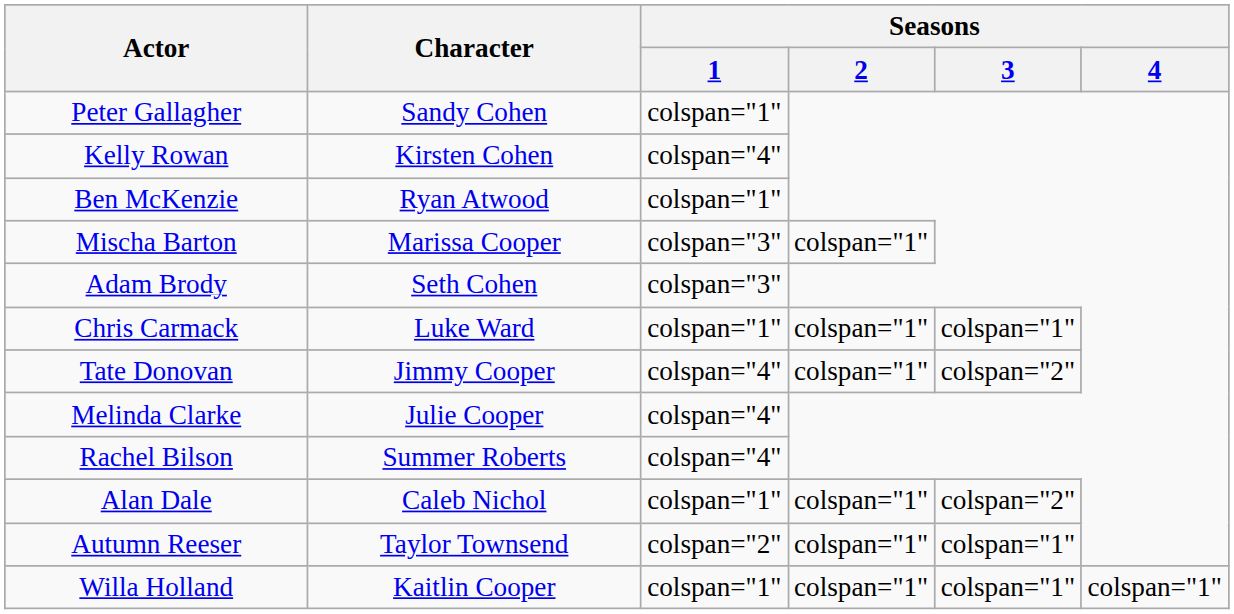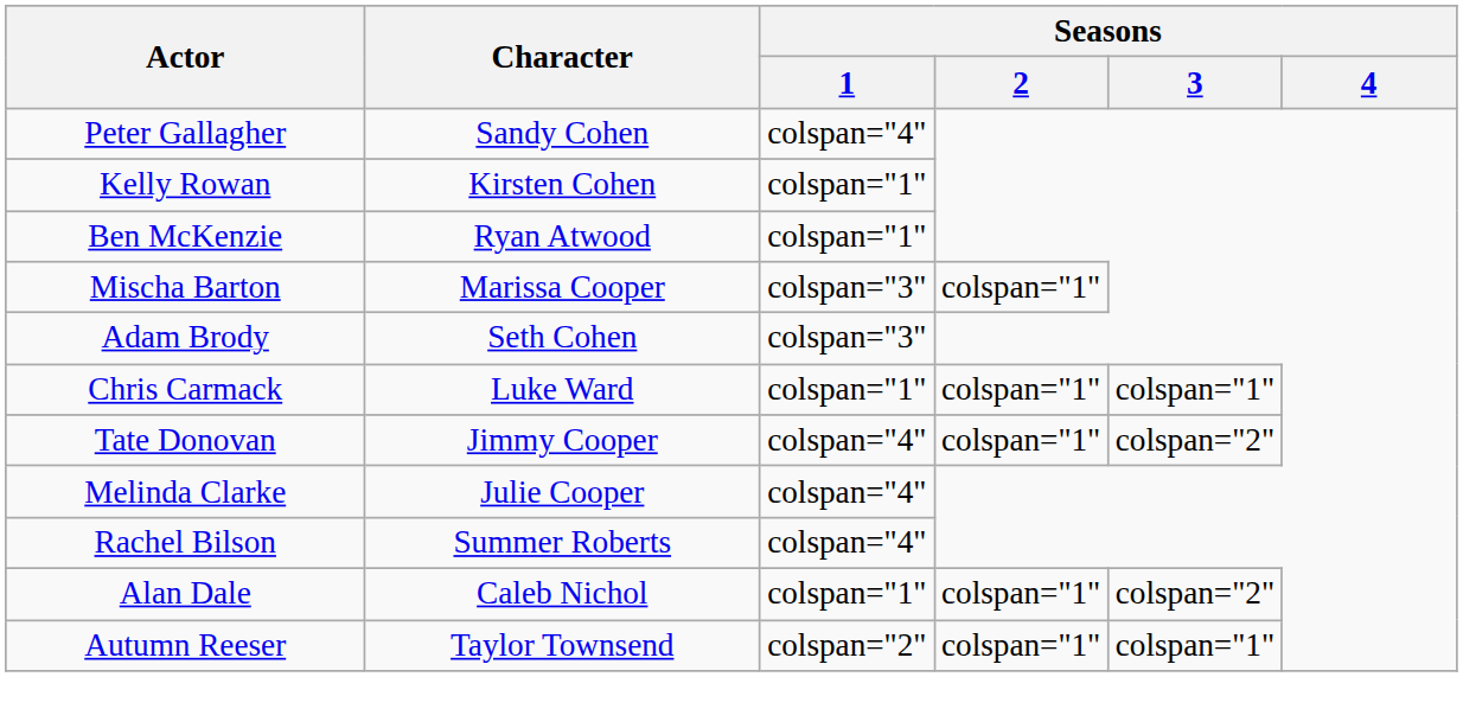 <table class="wikitable" style="text-align:center; width:auto">
 <tr>
 <th scope="col" rowspan="2">Actor</th>
 <th scope="col" rowspan="2">Character</th>
 <th scope="col" colspan="4">Seasons</th>
 </tr>
 <tr>
 <th scope="col" style="width:12%;"><a href='#'>1</a></th>
 <th scope="col" style="width:12%;"><a href='#'>2</a></th>
 <th scope="col" style="width:12%;"><a href='#'>3</a></th>
 <th scope="col" style="width:12%;"><a href='#'>4</a></th>
 </tr>
 <tr>
 <td style="text-align:center;"><a href='#'>Peter Gallagher</a></td>
 <td style="text-align:center;"><a href='#'>Sandy Cohen</a></td>
-<td>colspan="1" </td>
+<td>colspan="4" </td>
 </tr>
 <tr>
 <td style="text-align:center;"><a href='#'>Kelly Rowan</a></td>
 <td style="text-align:center;"><a href='#'>Kirsten Cohen</a></td>
-<td>colspan="4" </td>
+<td>colspan="1" </td>
 </tr>
 <tr>
 <td style="text-align:center;"><a href='#'>Ben McKenzie</a></td>
 <td style="text-align:center;"><a href='#'>Ryan Atwood</a></td>
 <td>colspan="1" </td>
 </tr>
 <tr>
 <td style="text-align:center;"><a href='#'>Mischa Barton</a></td>
 <td style="text-align:center;"><a href='#'>Marissa Cooper</a></td>
 <td>colspan="3" </td>
 <td>colspan="1" </td>
 </tr>
 <tr>
 <td style="text-align:center;"><a href='#'>Adam Brody</a></td>
 <td style="text-align:center;"><a href='#'>Seth Cohen</a></td>
 <td>colspan="3" </td>
 </tr>
 <tr>
 <td style="text-align:center;"><a href='#'>Chris Carmack</a></td>
 <td style="text-align:center;"><a href='#'>Luke Ward</a></td>
 <td>colspan="1" </td>
 <td>colspan="1" </td>
 <td>colspan="1" </td>
 </tr>
 <tr>
 <td style="text-align:center;"><a href='#'>Tate Donovan</a></td>
 <td style="text-align:center;"><a href='#'>Jimmy Cooper</a></td>
 <td>colspan="4" </td>
 <td>colspan="1" </td>
 <td>colspan="2" </td>
 </tr>
 <tr>
 <td style="text-align:center;"><a href='#'>Melinda Clarke</a></td>
 <td style="text-align:center;"><a href='#'>Julie Cooper</a></td>
 <td>colspan="4" </td>
 </tr>
 <tr>
 <td style="text-align:center;"><a href='#'>Rachel Bilson</a></td>
 <td style="text-align:center;"><a href='#'>Summer Roberts</a></td>
 <td>colspan="4" </td>
 </tr>
 <tr>
 <td style="text-align:center;"><a href='#'>Alan Dale</a></td>
 <td style="text-align:center;"><a href='#'>Caleb Nichol</a></td>
 <td>colspan="1" </td>
 <td>colspan="1" </td>
 <td>colspan="2" </td>
 </tr>
 <tr>
 <td style="text-align:center;"><a href='#'>Autumn Reeser</a></td>
 <td style="text-align:center;"><a href='#'>Taylor Townsend</a></td>
 <td>colspan="2" </td>
 <td>colspan="1" </td>
 <td>colspan="1" </td>
 </tr>
-<tr>
-<td style="text-align:center;"><a href='#'>Willa Holland</a></td>
-<td style="text-align:center;"><a href='#'>Kaitlin Cooper</a></td>
-<td>colspan="1" </td>
-<td>colspan="1" </td>
-<td>colspan="1" </td>
-<td>colspan="1" </td>
-</tr>
 </table>
